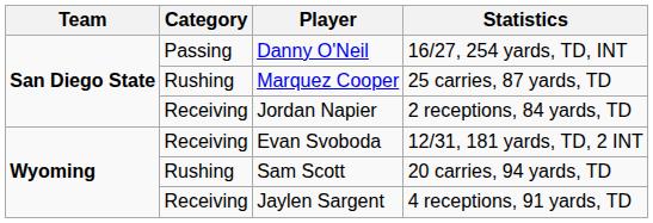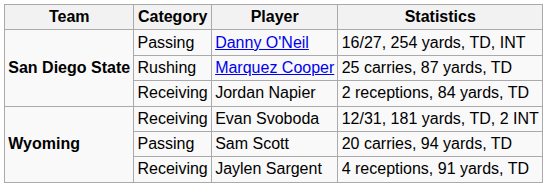 <table class="wikitable" style="float: right;">
 <tr>
 <th>Team</th>
 <th>Category</th>
 <th>Player</th>
 <th>Statistics</th>
 </tr>
 <tr>
 <td rowspan=3><strong>San Diego State</strong></td>
 <td>Passing</td>
 <td><a href='#'>Danny O'Neil</a></td>
 <td>16/27, 254 yards, TD, INT</td>
 </tr>
 <tr>
 <td>Rushing</td>
 <td><a href='#'>Marquez Cooper</a></td>
 <td>25 carries, 87 yards, TD</td>
 </tr>
 <tr>
 <td>Receiving</td>
 <td>Jordan Napier</td>
 <td>2 receptions, 84 yards, TD</td>
 </tr>
 <tr>
 <td rowspan=3><strong>Wyoming</strong></td>
 <td>Receiving</td>
 <td>Evan Svoboda</td>
 <td>12/31, 181 yards, TD, 2 INT</td>
 </tr>
 <tr>
-<td>Rushing</td>
+<td>Passing</td>
 <td>Sam Scott</td>
 <td>20 carries, 94 yards, TD</td>
 </tr>
 <tr>
 <td>Receiving</td>
 <td>Jaylen Sargent</td>
 <td>4 receptions, 91 yards, TD</td>
 </tr>
 </table>
